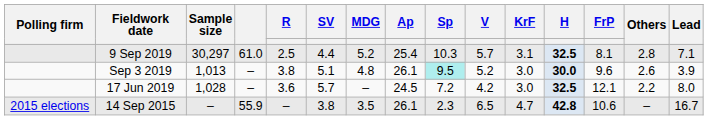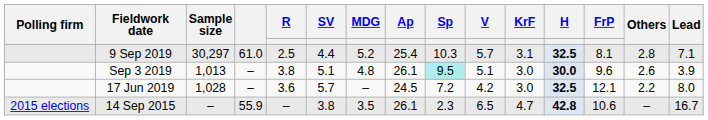 <table class="wikitable sortable" style="text-align:center;font-size:90%;line-height:14px;">
 <tr style="height:40px;">
 <th style="width:100px;" rowspan="2">Polling firm</th>
 <th style="width:100px;" rowspan="2">Fieldwork date</th>
 <th style="width:35px;" rowspan="2">Sample<br>size</th>
 <th style="width:30px;" rowspan="2"></th>
 <th class="unsortable" style="width:40px;"><a href='#'>R</a></th>
 <th class="unsortable" style="width:40px;"><a href='#'>SV</a></th>
 <th class="unsortable" style="width:40px;"><a href='#'>MDG</a></th>
 <th class="unsortable" style="width:40px;"><a href='#'>Ap</a></th>
 <th class="unsortable" style="width:40px;"><a href='#'>Sp</a></th>
 <th class="unsortable" style="width:40px;"><a href='#'>V</a></th>
 <th class="unsortable" style="width:40px;"><a href='#'>KrF</a></th>
 <th class="unsortable" style="width:40px;"><a href='#'>H</a></th>
 <th class="unsortable" style="width:40px;"><a href='#'>FrP</a></th>
 <th class="unsortable" style="width:30px;" rowspan="2">Others</th>
 <th style="width:30px;" rowspan="2">Lead</th>
 </tr>
 <tr>
 <th style="background:"></th>
 <th style="background:"></th>
 <th style="background:"></th>
 <th style="background:"></th>
 <th style="background:"></th>
 <th style="background:"></th>
 <th style="background:"></th>
 <th style="background:"></th>
 <th style="background:"></th>
 </tr>
 <tr style="background:#E9E9E9;">
 <td></td>
 <td data-sort-value="2019-09-09">9 Sep 2019</td>
 <td>30,297</td>
 <td>61.0</td>
 <td>2.5</td>
 <td>4.4</td>
 <td>5.2</td>
 <td>25.4</td>
 <td>10.3</td>
 <td>5.7</td>
 <td>3.1</td>
 <td style="background:#DCE7F3;"><strong>32.5</strong></td>
 <td>8.1</td>
 <td>2.8</td>
 <td style="background:">7.1</td>
 </tr>
 <tr>
 <td></td>
 <td data-sort-value="2019-09-03">Sep 3 2019</td>
 <td>1,013</td>
 <td>–</td>
 <td>3.8</td>
 <td>5.1</td>
 <td>4.8</td>
 <td>26.1</td>
 <td style="background: paleturquoise;">9.5</td>
-<td>5.2</td>
+<td>5.1</td>
 <td>3.0</td>
 <td style="background:#DCE7F3;"><strong>30.0</strong></td>
 <td>9.6</td>
 <td>2.6</td>
 <td style="background:">3.9</td>
 </tr>
 <tr>
 <td></td>
 <td data-sort-value="2019-06-17">17 Jun 2019</td>
 <td>1,028</td>
 <td>–</td>
 <td>3.6</td>
 <td>5.7</td>
 <td>–</td>
 <td>24.5</td>
 <td>7.2</td>
 <td>4.2</td>
 <td>3.0</td>
 <td style="background:#DCE7F3;"><strong>32.5</strong></td>
 <td>12.1</td>
 <td>2.2</td>
 <td style="background:">8.0</td>
 </tr>
 <tr style="background:#E9E9E9;">
 <td><a href='#'>2015 elections</a></td>
 <td data-sort-value="2015-09-14">14 Sep 2015</td>
 <td>–</td>
 <td>55.9</td>
 <td>–</td>
 <td>3.8</td>
 <td>3.5</td>
 <td>26.1</td>
 <td>2.3</td>
 <td>6.5</td>
 <td>4.7</td>
 <td style="background:#DCE7F3;"><strong>42.8</strong></td>
 <td>10.6</td>
 <td>–</td>
 <td style="background:">16.7</td>
 </tr>
 </table>
